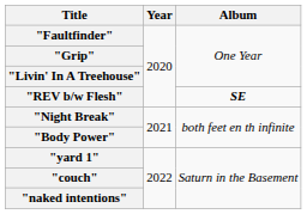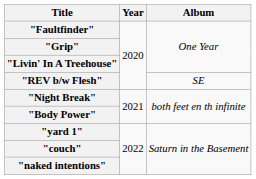 <table class="wikitable plainrowheaders" style="text-align:center;">
 <tr>
 <th scope="col">Title</th>
 <th scope="col">Year</th>
 <th scope="col">Album</th>
 </tr>
 <tr>
 <th scope="row">"Faultfinder"</th>
 <td rowspan="4">2020</td>
 <td rowspan="3"><em>One Year</em></td>
 </tr>
 <tr>
 <th scope="row">"Grip"</th>
 </tr>
 <tr>
 <th scope="row">"Livin' In A Treehouse"</th>
 </tr>
 <tr>
 <th scope="row">"REV b/w Flesh"</th>
-<td><strong><em>SE</em></strong></td>
+<td><em>SE</em></td>
 </tr>
 <tr>
 <th scope="row">"Night Break"</th>
 <td rowspan="2">2021</td>
 <td rowspan="2"><em>both feet en th infinite</em></td>
 </tr>
 <tr>
 <th scope="row">"Body Power"</th>
 </tr>
 <tr>
 <th scope="row">"yard 1"</th>
 <td rowspan="3">2022</td>
 <td rowspan="3"><em>Saturn in the Basement</em></td>
 </tr>
 <tr>
 <th scope="row">"couch"</th>
 </tr>
 <tr>
 <th scope="row">"naked intentions"</th>
 </tr>
 </table>
